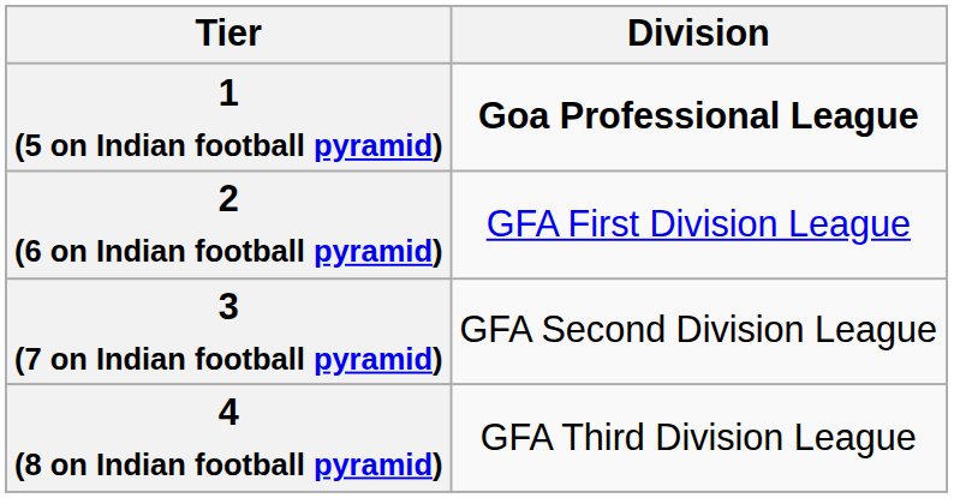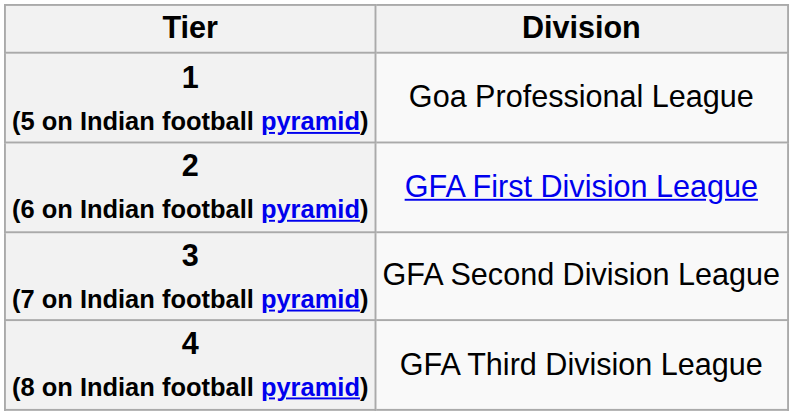 <table class="wikitable" style="text-align:center;">
 <tr>
 <th>Tier</th>
 <th>Division</th>
 </tr>
 <tr>
 <th>1<br><sub>(5 on Indian football <a href='#'>pyramid</a>)</sub></th>
-<td><strong>Goa Professional League</strong></td>
+<td>Goa Professional League</td>
 </tr>
 <tr>
 <th>2<br><sub>(6 on Indian football <a href='#'>pyramid</a>)</sub></th>
 <td><a href='#'>GFA First Division League</a></td>
 </tr>
 <tr>
 <th>3<br><sub>(7 on Indian football <a href='#'>pyramid</a>)</sub></th>
 <td>GFA Second Division League</td>
 </tr>
 <tr>
 <th>4<br><sub>(8 on Indian football <a href='#'>pyramid</a>)</sub></th>
 <td>GFA Third Division League</td>
 </tr>
 </table>
